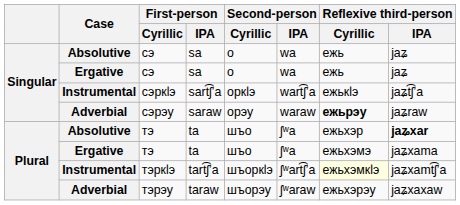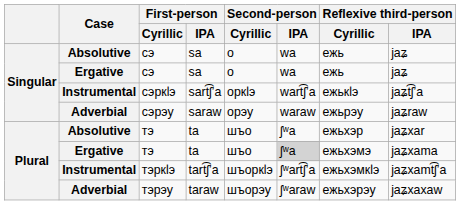 <table class=wikitable>
 <tr>
 <th rowspan=2></th>
 <th rowspan=2>Case</th>
 <th colspan=2>First-person</th>
 <th colspan=2>Second-person</th>
 <th colspan=2>Reflexive third-person</th>
 </tr>
 <tr>
 <th>Cyrillic</th>
 <th>IPA</th>
 <th>Cyrillic</th>
 <th>IPA</th>
 <th>Cyrillic</th>
 <th>IPA</th>
 </tr>
 <tr>
 <th rowspan=4>Singular</th>
 <th>Absolutive</th>
 <td>сэ</td>
 <td>sa</td>
 <td>о</td>
 <td>wa</td>
 <td>ежь</td>
 <td>jaʑ</td>
 </tr>
 <tr>
 <th>Ergative</th>
 <td>сэ</td>
 <td>sa</td>
 <td>о</td>
 <td>wa</td>
 <td>ежь</td>
 <td>jaʑ</td>
 </tr>
 <tr>
 <th>Instrumental</th>
 <td>сэркӏэ</td>
 <td>sart͡ʃʼa</td>
 <td>оркӏэ</td>
 <td>wart͡ʃʼa</td>
 <td>ежькӏэ</td>
 <td>jaʑt͡ʃʼa</td>
 </tr>
 <tr>
 <th>Adverbial</th>
 <td>сэрэу</td>
 <td>saraw</td>
 <td>орэу</td>
 <td>waraw</td>
-<td><strong>ежьрэу</strong></td>
+<td>ежьрэу</td>
 <td>jaʑraw</td>
 </tr>
 <tr>
 <th rowspan=4>Plural</th>
 <th>Absolutive</th>
 <td>тэ</td>
 <td>ta</td>
 <td>шъо</td>
 <td>ʃʷa</td>
 <td>ежьхэр</td>
-<td><strong>jaʑxar</strong></td>
+<td>jaʑxar</td>
 </tr>
 <tr>
 <th>Ergative</th>
 <td>тэ</td>
 <td>ta</td>
 <td>шъо</td>
-<td>ʃʷa</td>
+<td style="background: lightgrey;">ʃʷa</td>
 <td>ежьхэмэ</td>
 <td>jaʑxama</td>
 </tr>
 <tr>
 <th>Instrumental</th>
 <td>тэркӏэ</td>
 <td>tart͡ʃʼa</td>
 <td>шъоркӏэ</td>
 <td>ʃʷart͡ʃʼa</td>
-<td style="background: lightyellow;">ежьхэмкӏэ</td>
+<td>ежьхэмкӏэ</td>
 <td>jaʑxamt͡ʃʼa</td>
 </tr>
 <tr>
 <th>Adverbial</th>
 <td>тэрэу</td>
 <td>taraw</td>
 <td>шъорэу</td>
 <td>ʃʷaraw</td>
 <td>ежьхэрэу</td>
 <td>jaʑxaxaw</td>
 </tr>
 </table>
